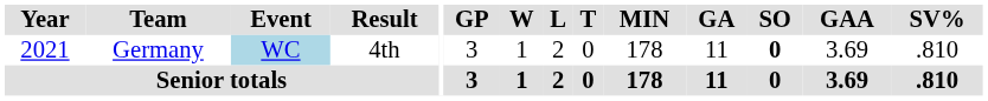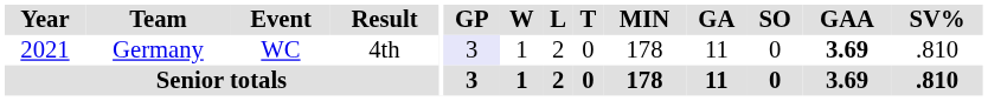 <table border="0" cellpadding="1" cellspacing="0" ID="Table3" style="text-align:center; width:40em">
 <tr ALIGN="center" bgcolor="#e0e0e0">
 <th>Year</th>
 <th>Team</th>
 <th>Event</th>
 <th>Result</th>
 <th rowspan="99" bgcolor="#ffffff"></th>
 <th>GP</th>
 <th>W</th>
 <th>L</th>
 <th>T</th>
 <th>MIN</th>
 <th>GA</th>
 <th>SO</th>
 <th>GAA</th>
 <th>SV%</th>
 </tr>
 <tr>
 <td><a href='#'>2021</a></td>
 <td><a href='#'>Germany</a></td>
-<td style="background: lightblue;"><a href='#'>WC</a></td>
+<td><a href='#'>WC</a></td>
 <td>4th</td>
-<td>3</td>
+<td style="background: lavender;">3</td>
 <td>1</td>
 <td>2</td>
 <td>0</td>
 <td>178</td>
 <td>11</td>
-<td><strong>0</strong></td>
-<td>3.69</td>
+<td>0</td>
+<td><strong>3.69</strong></td>
 <td>.810</td>
 </tr>
 <tr ALIGN="center" bgcolor="#e0e0e0">
 <th colspan=4>Senior totals</th>
 <th>3</th>
 <th>1</th>
 <th>2</th>
 <th>0</th>
 <th>178</th>
 <th>11</th>
 <th>0</th>
 <th>3.69</th>
 <th>.810</th>
 </tr>
 </table>
